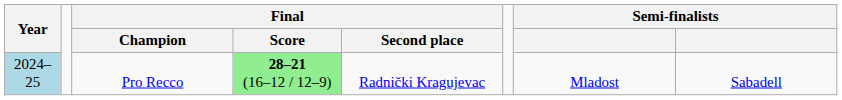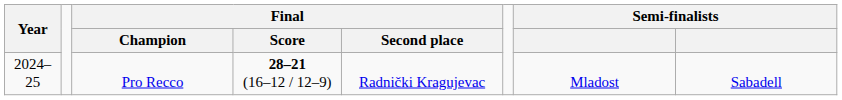 <table class="wikitable" style="font-size: 97%; text-align: center;">
 <tr>
 <th rowspan="2" style="width:5%;">Year</th>
 <td style="width:1%;" rowspan="15"></td>
 <th colspan=3>Final</th>
 <td style="width:1%;" rowspan="15"></td>
 <th colspan=2>Semi-finalists</th>
 </tr>
 <tr>
 <th width=15%>Champion</th>
 <th width=10%>Score</th>
 <th width=15%>Second place</th>
 <th width=15%></th>
 <th width=15%></th>
 </tr>
 <tr>
-<td style="background: lightblue;">2024–25<br></td>
+<td>2024–25<br></td>
 <td><br> <a href='#'>Pro Recco</a></td>
-<td style="background: lightgreen;"><strong>28–21</strong> <br> (16–12 / 12–9)</td>
+<td><strong>28–21</strong> <br> (16–12 / 12–9)</td>
 <td><br> <a href='#'>Radnički Kragujevac</a></td>
 <td><br> <a href='#'>Mladost</a></td>
 <td><br> <a href='#'>Sabadell</a></td>
 </tr>
 </table>
